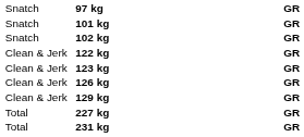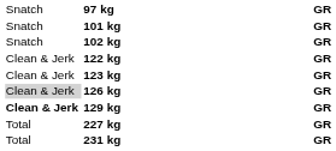 <table>
 <tr>
 <th width=100></th>
 <th width=100></th>
 <th width=200></th>
 <th width=80></th>
 </tr>
 <tr>
 <td>Snatch</td>
 <td><strong>97 kg</strong></td>
 <td></td>
 <td><strong>GR</strong></td>
 </tr>
 <tr>
 <td>Snatch</td>
 <td><strong>101 kg</strong></td>
 <td></td>
 <td><strong>GR</strong></td>
 </tr>
 <tr>
 <td>Snatch</td>
 <td><strong>102 kg</strong></td>
 <td></td>
 <td><strong>GR</strong></td>
 </tr>
 <tr>
 <td>Clean & Jerk</td>
 <td><strong>122 kg</strong></td>
 <td></td>
 <td><strong>GR</strong></td>
 </tr>
 <tr>
 <td>Clean & Jerk</td>
 <td><strong>123 kg</strong></td>
 <td></td>
 <td><strong>GR</strong></td>
 </tr>
 <tr>
-<td>Clean & Jerk</td>
+<td style="background: lightgrey;">Clean & Jerk</td>
 <td><strong>126 kg</strong></td>
 <td></td>
 <td><strong>GR</strong></td>
 </tr>
 <tr>
-<td>Clean & Jerk</td>
+<td><strong>Clean & Jerk</strong></td>
 <td><strong>129 kg</strong></td>
 <td></td>
 <td><strong>GR</strong></td>
 </tr>
 <tr>
 <td>Total</td>
 <td><strong>227 kg</strong></td>
 <td></td>
 <td><strong>GR</strong></td>
 </tr>
 <tr>
 <td>Total</td>
 <td><strong>231 kg</strong></td>
 <td></td>
 <td><strong>GR</strong></td>
 </tr>
 </table>
